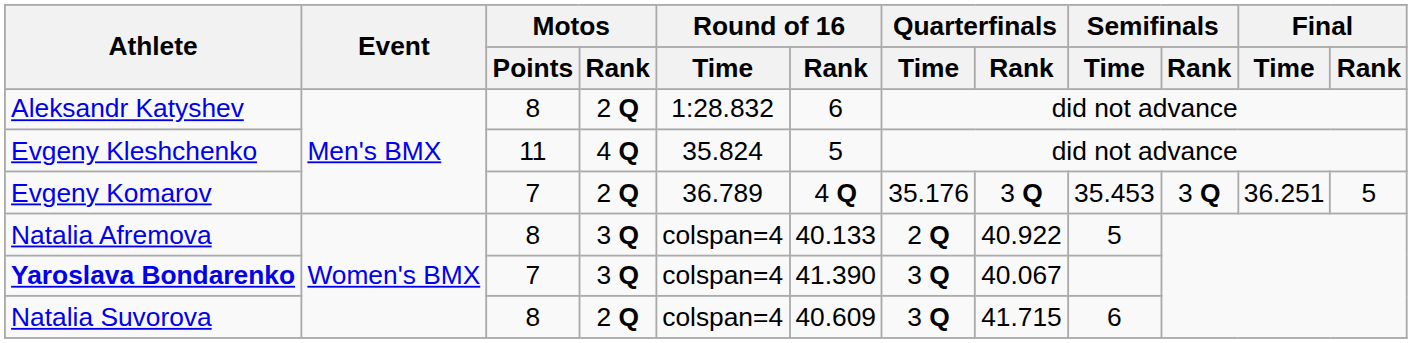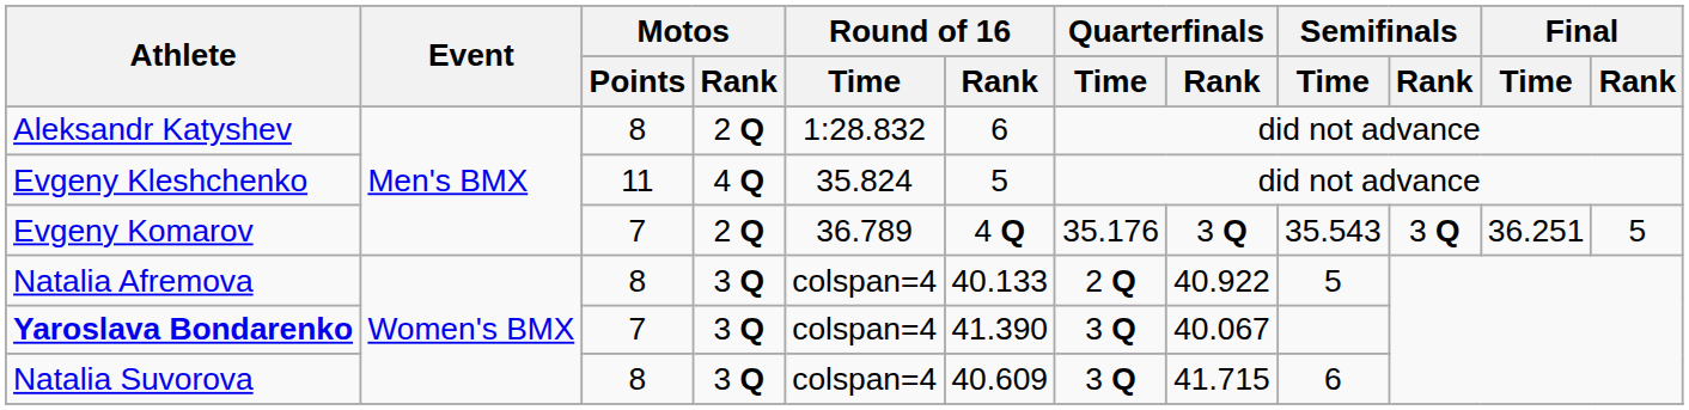 <table class="wikitable" style="font-size:90%;">
 <tr>
 <th rowspan=2>Athlete</th>
 <th rowspan=2>Event</th>
 <th colspan=2>Motos</th>
 <th colspan=2>Round of 16</th>
 <th colspan=2>Quarterfinals</th>
 <th colspan=2>Semifinals</th>
 <th colspan=2>Final</th>
 </tr>
 <tr>
 <th>Points</th>
 <th>Rank</th>
 <th>Time</th>
 <th>Rank</th>
 <th>Time</th>
 <th>Rank</th>
 <th>Time</th>
 <th>Rank</th>
 <th>Time</th>
 <th>Rank</th>
 </tr>
 <tr align=center>
 <td align=left><a href='#'>Aleksandr Katyshev</a></td>
 <td align=left rowspan=3><a href='#'>Men's BMX</a></td>
 <td>8</td>
 <td>2 <strong>Q</strong></td>
 <td>1:28.832</td>
 <td>6</td>
 <td colspan=6>did not advance</td>
 </tr>
 <tr align=center>
 <td align=left><a href='#'>Evgeny Kleshchenko</a></td>
 <td>11</td>
 <td>4 <strong>Q</strong></td>
 <td>35.824</td>
 <td>5</td>
 <td colspan=6>did not advance</td>
 </tr>
 <tr align=center>
 <td align=left><a href='#'>Evgeny Komarov</a></td>
 <td>7</td>
 <td>2 <strong>Q</strong></td>
 <td>36.789</td>
 <td>4 <strong>Q</strong></td>
 <td>35.176</td>
 <td>3 <strong>Q</strong></td>
-<td>35.453</td>
+<td>35.543</td>
 <td>3 <strong>Q</strong></td>
 <td>36.251</td>
 <td>5</td>
 </tr>
 <tr align=center>
 <td align=left><a href='#'>Natalia Afremova</a></td>
 <td align=left rowspan=3><a href='#'>Women's BMX</a></td>
 <td>8</td>
 <td>3 <strong>Q</strong></td>
 <td>colspan=4 </td>
 <td>40.133</td>
 <td>2 <strong>Q</strong></td>
 <td>40.922</td>
 <td>5</td>
 </tr>
 <tr align=center>
 <td align=left><strong><a href='#'>Yaroslava Bondarenko</a></strong></td>
 <td>7</td>
 <td>3 <strong>Q</strong></td>
 <td>colspan=4 </td>
 <td>41.390</td>
 <td>3 <strong>Q</strong></td>
 <td>40.067</td>
 <td></td>
 </tr>
 <tr align=center>
 <td align=left><a href='#'>Natalia Suvorova</a></td>
 <td>8</td>
-<td>2 <strong>Q</strong></td>
+<td>3 <strong>Q</strong></td>
 <td>colspan=4 </td>
 <td>40.609</td>
 <td>3 <strong>Q</strong></td>
 <td>41.715</td>
 <td>6</td>
 </tr>
 </table>
